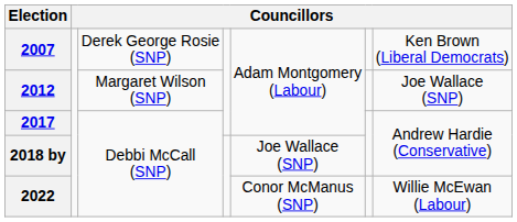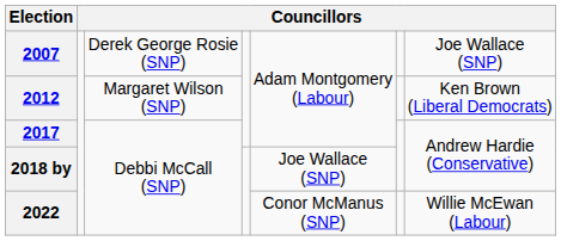 <table class="wikitable" style="text-align:center">
 <tr>
 <th>Election</th>
 <th colspan=8>Councillors</th>
 </tr>
 <tr>
 <th><a href='#'>2007</a></th>
 <td rowspan=5; style="background-color: "></td>
 <td rowspan=1>Derek George Rosie<br>(<a href='#'>SNP</a>)</td>
 <td rowspan=3; style="background-color: "></td>
 <td rowspan=3>Adam Montgomery<br>(<a href='#'>Labour</a>)</td>
 <td rowspan=1; style="background-color: "></td>
-<td rowspan=1>Ken Brown<br>(<a href='#'>Liberal Democrats</a>)</td>
+<td rowspan=1>Joe Wallace<br>(<a href='#'>SNP</a>)</td>
 </tr>
 <tr>
 <th><a href='#'>2012</a></th>
 <td rowspan=1>Margaret Wilson<br>(<a href='#'>SNP</a>)</td>
 <td rowspan=1; style="background-color: "></td>
-<td rowspan=1>Joe Wallace<br>(<a href='#'>SNP</a>)</td>
+<td rowspan=1>Ken Brown<br>(<a href='#'>Liberal Democrats</a>)</td>
 </tr>
 <tr>
 <th><a href='#'>2017</a></th>
 <td rowspan=3>Debbi McCall<br>(<a href='#'>SNP</a>)</td>
 <td rowspan=2; style="background-color: "></td>
 <td rowspan=2>Andrew Hardie<br>(<a href='#'>Conservative</a>)</td>
 </tr>
 <tr>
 <th>2018 by</th>
 <td rowspan=2; style="background-color: "></td>
 <td rowspan=1>Joe Wallace<br>(<a href='#'>SNP</a>)</td>
 </tr>
 <tr>
 <th>2022</th>
 <td rowspan=1>Conor McManus<br>(<a href='#'>SNP</a>)</td>
 <td rowspan=1; style="background-color: "></td>
 <td rowspan=1>Willie McEwan<br>(<a href='#'>Labour</a>)</td>
 </tr>
 </table>
